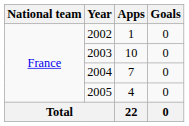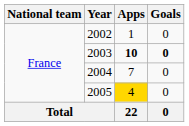 <table class="wikitable" style="text-align:center">
 <tr>
 <th>National team</th>
 <th>Year</th>
 <th>Apps</th>
 <th>Goals</th>
 </tr>
 <tr>
 <td rowspan="4"><a href='#'>France</a></td>
 <td>2002</td>
 <td>1</td>
 <td>0</td>
 </tr>
 <tr>
 <td>2003</td>
-<td>10</td>
-<td>0</td>
+<td><strong>10</strong></td>
+<td><strong>0</strong></td>
 </tr>
 <tr>
 <td>2004</td>
 <td>7</td>
 <td>0</td>
 </tr>
 <tr>
 <td>2005</td>
-<td>4</td>
+<td style="background: gold;">4</td>
 <td>0</td>
 </tr>
 <tr>
 <th colspan="2">Total</th>
 <th>22</th>
 <th>0</th>
 </tr>
 </table>
